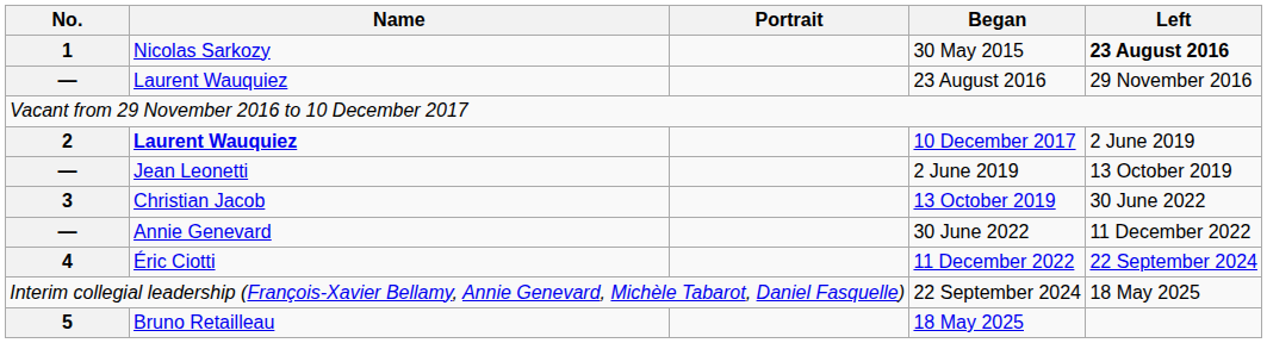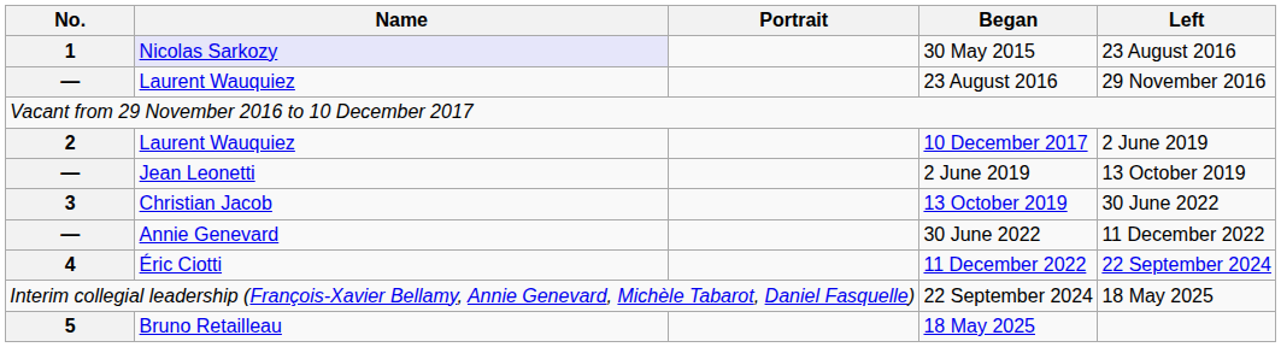 <table class="wikitable">
 <tr>
 <th>No.</th>
 <th>Name</th>
 <th>Portrait</th>
 <th>Began</th>
 <th>Left</th>
 </tr>
 <tr>
 <th>1</th>
-<td><a href='#'>Nicolas Sarkozy</a></td>
+<td style="background: lavender;"><a href='#'>Nicolas Sarkozy</a></td>
 <td></td>
 <td>30 May 2015</td>
-<td><strong>23 August 2016</strong></td>
+<td>23 August 2016</td>
 </tr>
 <tr>
 <th>—</th>
 <td><a href='#'>Laurent Wauquiez</a></td>
 <td></td>
 <td>23 August 2016</td>
 <td>29 November 2016</td>
 </tr>
 <tr>
 <td colspan=5><em>Vacant from 29 November 2016 to 10 December 2017</em></td>
 </tr>
 <tr>
 <th>2</th>
-<td><strong><a href='#'>Laurent Wauquiez</a></strong></td>
+<td><a href='#'>Laurent Wauquiez</a></td>
 <td></td>
 <td><a href='#'>10 December 2017</a></td>
 <td>2 June 2019</td>
 </tr>
 <tr>
 <th>—</th>
 <td><a href='#'>Jean Leonetti</a></td>
 <td></td>
 <td>2 June 2019</td>
 <td>13 October 2019</td>
 </tr>
 <tr>
 <th>3</th>
 <td><a href='#'>Christian Jacob</a></td>
 <td></td>
 <td><a href='#'>13 October 2019</a></td>
 <td>30 June 2022</td>
 </tr>
 <tr>
 <th>—</th>
 <td><a href='#'>Annie Genevard</a></td>
 <td></td>
 <td>30 June 2022</td>
 <td>11 December 2022</td>
 </tr>
 <tr>
 <th>4</th>
 <td><a href='#'>Éric Ciotti</a></td>
 <td></td>
 <td><a href='#'>11 December 2022</a></td>
 <td><a href='#'>22 September 2024</a></td>
 </tr>
 <tr>
 <td colspan="3"><em>Interim collegial leadership</em> <em>(<a href='#'>François-Xavier Bellamy</a>, <a href='#'>Annie Genevard</a>, <a href='#'>Michèle Tabarot</a>, <a href='#'>Daniel Fasquelle</a>)</em></td>
 <td>22 September 2024</td>
 <td>18 May 2025</td>
 </tr>
 <tr>
 <th>5</th>
 <td><a href='#'>Bruno Retailleau</a></td>
 <td></td>
 <td><a href='#'>18 May 2025</a></td>
 <td></td>
 </tr>
 </table>
